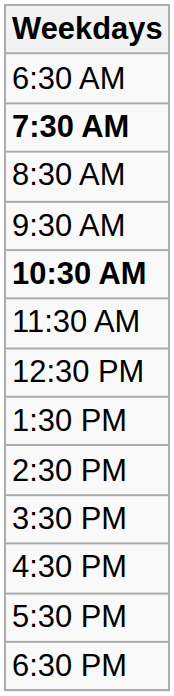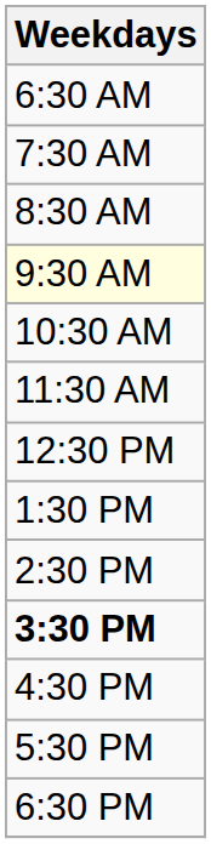 <table class="wikitable">
 <tr>
 <th>Weekdays</th>
 </tr>
 <tr>
 <td>6:30 AM</td>
 </tr>
 <tr>
-<td><strong>7:30 AM</strong></td>
+<td>7:30 AM</td>
 </tr>
 <tr>
 <td>8:30 AM</td>
 </tr>
 <tr>
-<td>9:30 AM</td>
+<td style="background: lightyellow;">9:30 AM</td>
 </tr>
 <tr>
-<td><strong>10:30 AM</strong></td>
+<td>10:30 AM</td>
 </tr>
 <tr>
 <td>11:30 AM</td>
 </tr>
 <tr>
 <td>12:30 PM</td>
 </tr>
 <tr>
 <td>1:30 PM</td>
 </tr>
 <tr>
 <td>2:30 PM</td>
 </tr>
 <tr>
-<td>3:30 PM</td>
+<td><strong>3:30 PM</strong></td>
 </tr>
 <tr>
 <td>4:30 PM</td>
 </tr>
 <tr>
 <td>5:30 PM</td>
 </tr>
 <tr>
 <td>6:30 PM</td>
 </tr>
 <tr>
 </tr>
 </table>
